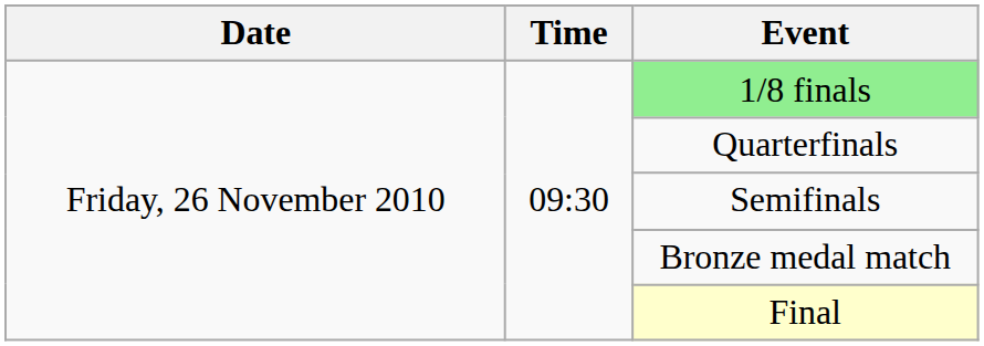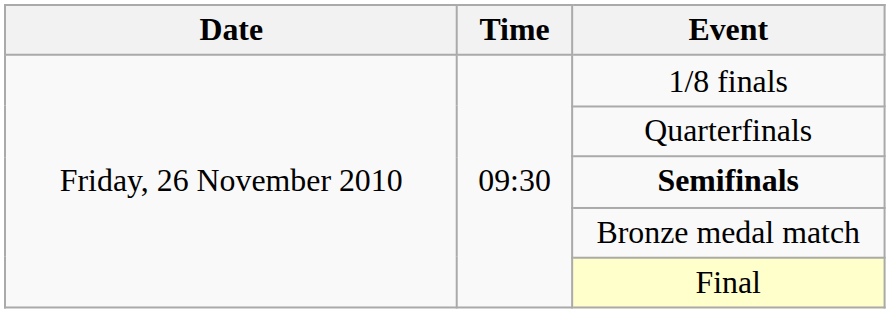 <table class = "wikitable" style="text-align:center;">
 <tr>
 <th width=220>Date</th>
 <th width=50>Time</th>
 <th width=150>Event</th>
 </tr>
 <tr>
 <td rowspan=5>Friday, 26 November 2010</td>
 <td rowspan=5>09:30</td>
-<td style="background: lightgreen;">1/8 finals</td>
+<td>1/8 finals</td>
 </tr>
 <tr>
 <td>Quarterfinals</td>
 </tr>
 <tr>
-<td>Semifinals</td>
+<td><strong>Semifinals</strong></td>
 </tr>
 <tr>
 <td>Bronze medal match</td>
 </tr>
 <tr>
 <td bgcolor=ffffcc>Final</td>
 </tr>
 </table>
